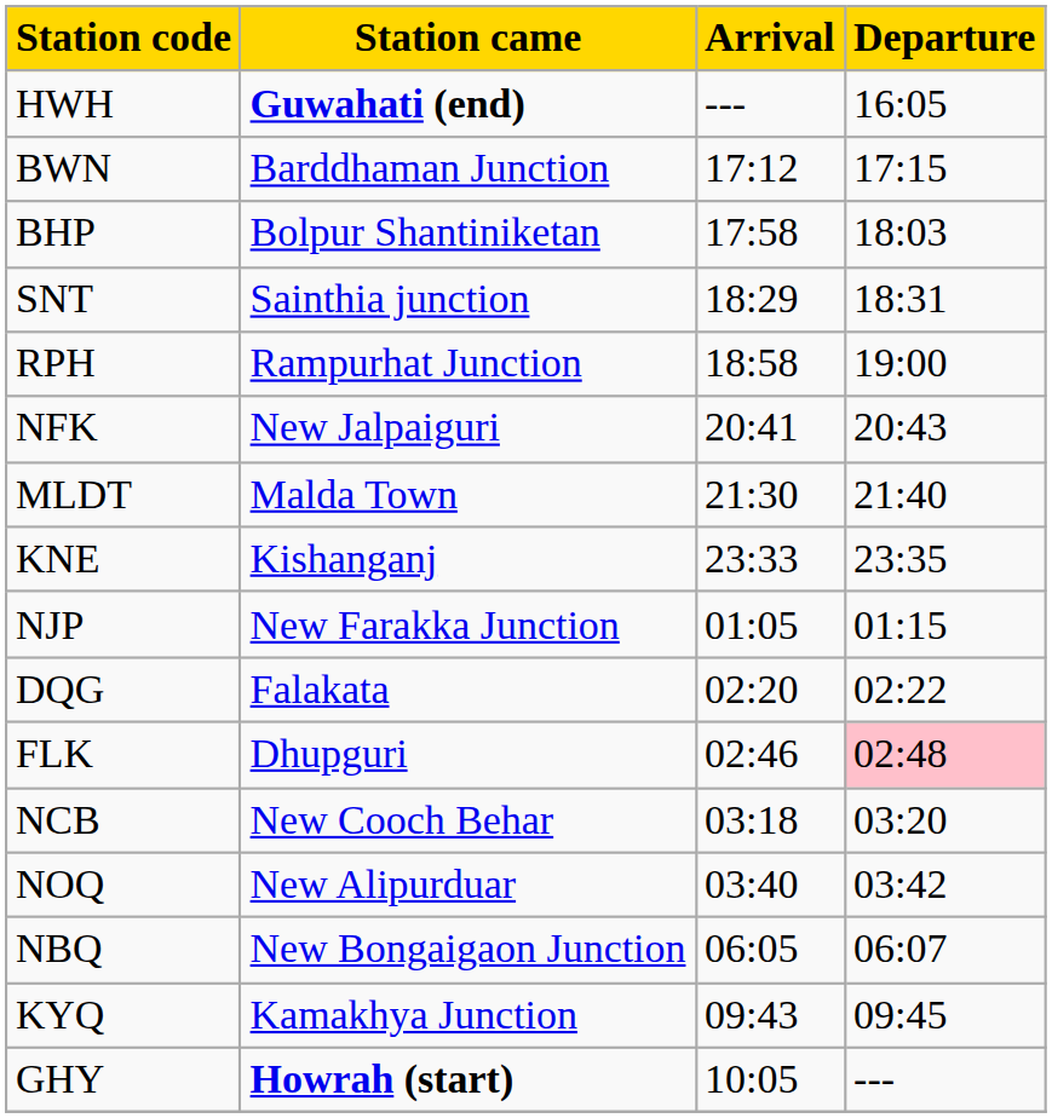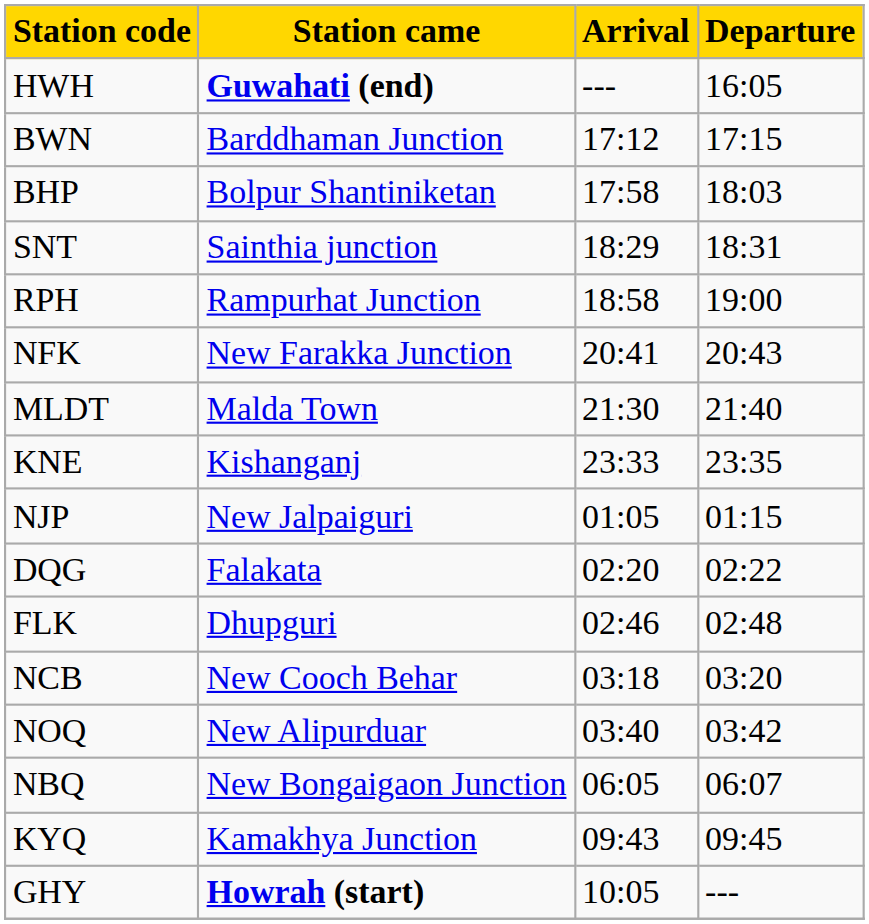 <table class="wikitable">
 <tr>
 <th style="background:gold;">Station code</th>
 <th ! style="background:gold;">Station came</th>
 <th ! style="background:gold;">Arrival</th>
 <th ! style="background:gold;">Departure</th>
 </tr>
 <tr>
 <td>HWH</td>
 <td><strong><a href='#'>Guwahati</a> (end)</strong></td>
 <td>---</td>
 <td>16:05</td>
 </tr>
 <tr>
 <td>BWN</td>
 <td><a href='#'>Barddhaman Junction</a></td>
 <td>17:12</td>
 <td>17:15</td>
 </tr>
 <tr>
 <td>BHP</td>
 <td><a href='#'>Bolpur Shantiniketan</a></td>
 <td>17:58</td>
 <td>18:03</td>
 </tr>
 <tr>
 <td>SNT</td>
 <td><a href='#'>Sainthia junction</a></td>
 <td>18:29</td>
 <td>18:31</td>
 </tr>
 <tr>
 <td>RPH</td>
 <td><a href='#'>Rampurhat Junction</a></td>
 <td>18:58</td>
 <td>19:00</td>
 </tr>
 <tr>
 <td>NFK</td>
-<td><a href='#'>New Jalpaiguri</a></td>
+<td><a href='#'>New Farakka Junction</a></td>
 <td>20:41</td>
 <td>20:43</td>
 </tr>
 <tr>
 <td>MLDT</td>
 <td><a href='#'>Malda Town</a></td>
 <td>21:30</td>
 <td>21:40</td>
 </tr>
 <tr>
 <td>KNE</td>
 <td><a href='#'>Kishanganj</a></td>
 <td>23:33</td>
 <td>23:35</td>
 </tr>
 <tr>
 <td>NJP</td>
-<td><a href='#'>New Farakka Junction</a></td>
+<td><a href='#'>New Jalpaiguri</a></td>
 <td>01:05</td>
 <td>01:15</td>
 </tr>
 <tr>
 <td>DQG</td>
 <td><a href='#'>Falakata</a></td>
 <td>02:20</td>
 <td>02:22</td>
 </tr>
 <tr>
 <td>FLK</td>
 <td><a href='#'>Dhupguri</a></td>
 <td>02:46</td>
-<td style="background: pink;">02:48</td>
+<td>02:48</td>
 </tr>
 <tr>
 <td>NCB</td>
 <td><a href='#'>New Cooch Behar</a></td>
 <td>03:18</td>
 <td>03:20</td>
 </tr>
 <tr>
 <td>NOQ</td>
 <td><a href='#'>New Alipurduar</a></td>
 <td>03:40</td>
 <td>03:42</td>
 </tr>
 <tr>
 <td>NBQ</td>
 <td><a href='#'>New Bongaigaon Junction</a></td>
 <td>06:05</td>
 <td>06:07</td>
 </tr>
 <tr>
 <td>KYQ</td>
 <td><a href='#'>Kamakhya Junction</a></td>
 <td>09:43</td>
 <td>09:45</td>
 </tr>
 <tr>
 <td>GHY</td>
 <td><strong><a href='#'>Howrah</a> (start)</strong></td>
 <td>10:05</td>
 <td>---</td>
 </tr>
 <tr>
 </tr>
 </table>
